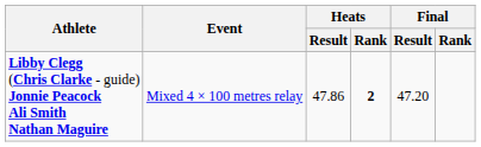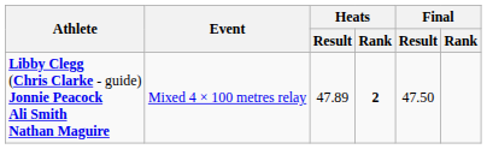 <table class=wikitable style="font-size:95%">
 <tr>
 <th rowspan="2">Athlete</th>
 <th rowspan="2">Event</th>
 <th colspan="2">Heats</th>
 <th colspan="2">Final</th>
 </tr>
 <tr>
 <th>Result</th>
 <th>Rank</th>
 <th>Result</th>
 <th>Rank</th>
 </tr>
 <tr align=center>
 <td align=left><strong><a href='#'>Libby Clegg</a></strong><br>(<strong><a href='#'>Chris Clarke</a></strong> - guide)<br><strong><a href='#'>Jonnie Peacock</a></strong><br><strong><a href='#'>Ali Smith</a></strong><br><strong><a href='#'>Nathan Maguire</a></strong></td>
 <td align=left><a href='#'>Mixed 4 × 100 metres relay</a></td>
-<td>47.86</td>
+<td>47.89</td>
 <td><strong>2</strong></td>
-<td>47.20</td>
+<td>47.50</td>
 <td></td>
 </tr>
 </table>
